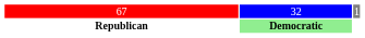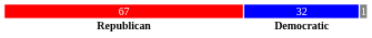 <table style="width:60%; text-align:center;">
 <tr style="color:white;">
 <td style="background:red; width:67.0%;">67</td>
 <td style="background:blue; width:32.0%;">32</td>
 <td style="background:grey; width:1.0%;">1</td>
 </tr>
 <tr>
 <td><span><strong>Republican</strong></span></td>
-<td style="background: lightgreen;"><span><strong>Democratic</strong></span></td>
+<td><span><strong>Democratic</strong></span></td>
 </tr>
 </table>
